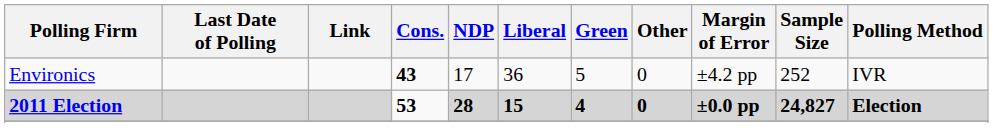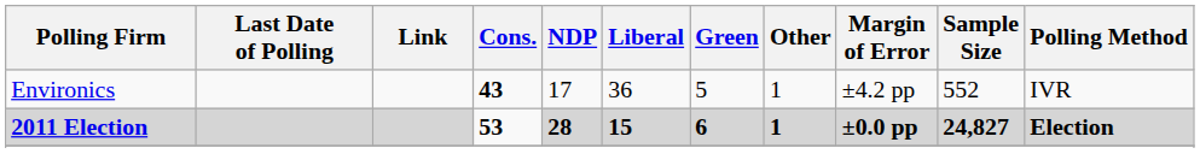 <table class="wikitable sortable">
 <tr style="background:#e9e9e9;">
 <th style="width:120px">Polling Firm</th>
 <th style="width:110px">Last Date<br>of Polling</th>
 <th style="width:60px" class="unsortable">Link</th>
 <th style="background-color:"><strong><a href='#'>Cons.</a></strong></th>
 <th style="background-color:"><strong><a href='#'>NDP</a></strong></th>
 <th style="background-color:"><strong><a href='#'>Liberal</a></strong></th>
 <th style="background-color:"><strong><a href='#'>Green</a></strong></th>
 <th style="background-color:"><strong>Other</strong></th>
 <th style="width:60px;" class=unsortable>Margin<br>of Error</th>
 <th style="width:50px;" class=unsortable>Sample<br>Size</th>
 <th class=unsortable>Polling Method</th>
 </tr>
 <tr>
 <td><a href='#'>Environics</a></td>
 <td></td>
 <td></td>
 <td><strong>43</strong></td>
 <td>17</td>
 <td>36</td>
 <td>5</td>
-<td>0</td>
+<td>1</td>
 <td>±4.2 pp</td>
-<td>252</td>
+<td>552</td>
 <td>IVR</td>
 </tr>
 <tr>
 <td style="background:#D5D5D5"><strong><a href='#'>2011 Election</a></strong></td>
 <td style="background:#D5D5D5"><strong></strong></td>
 <td style="background:#D5D5D5"></td>
 <td><strong>53</strong></td>
 <td style="background:#D5D5D5"><strong>28</strong></td>
 <td style="background:#D5D5D5"><strong>15</strong></td>
-<td style="background:#D5D5D5"><strong>4</strong></td>
-<td style="background:#D5D5D5"><strong>0</strong></td>
+<td style="background:#D5D5D5"><strong>6</strong></td>
+<td style="background:#D5D5D5"><strong>1</strong></td>
 <td style="background:#D5D5D5"><strong>±0.0 pp</strong></td>
 <td style="background:#D5D5D5"><strong>24,827</strong></td>
 <td style="background:#D5D5D5"><strong>Election</strong></td>
 </tr>
 <tr>
 </tr>
 <tr>
 </tr>
 </table>
